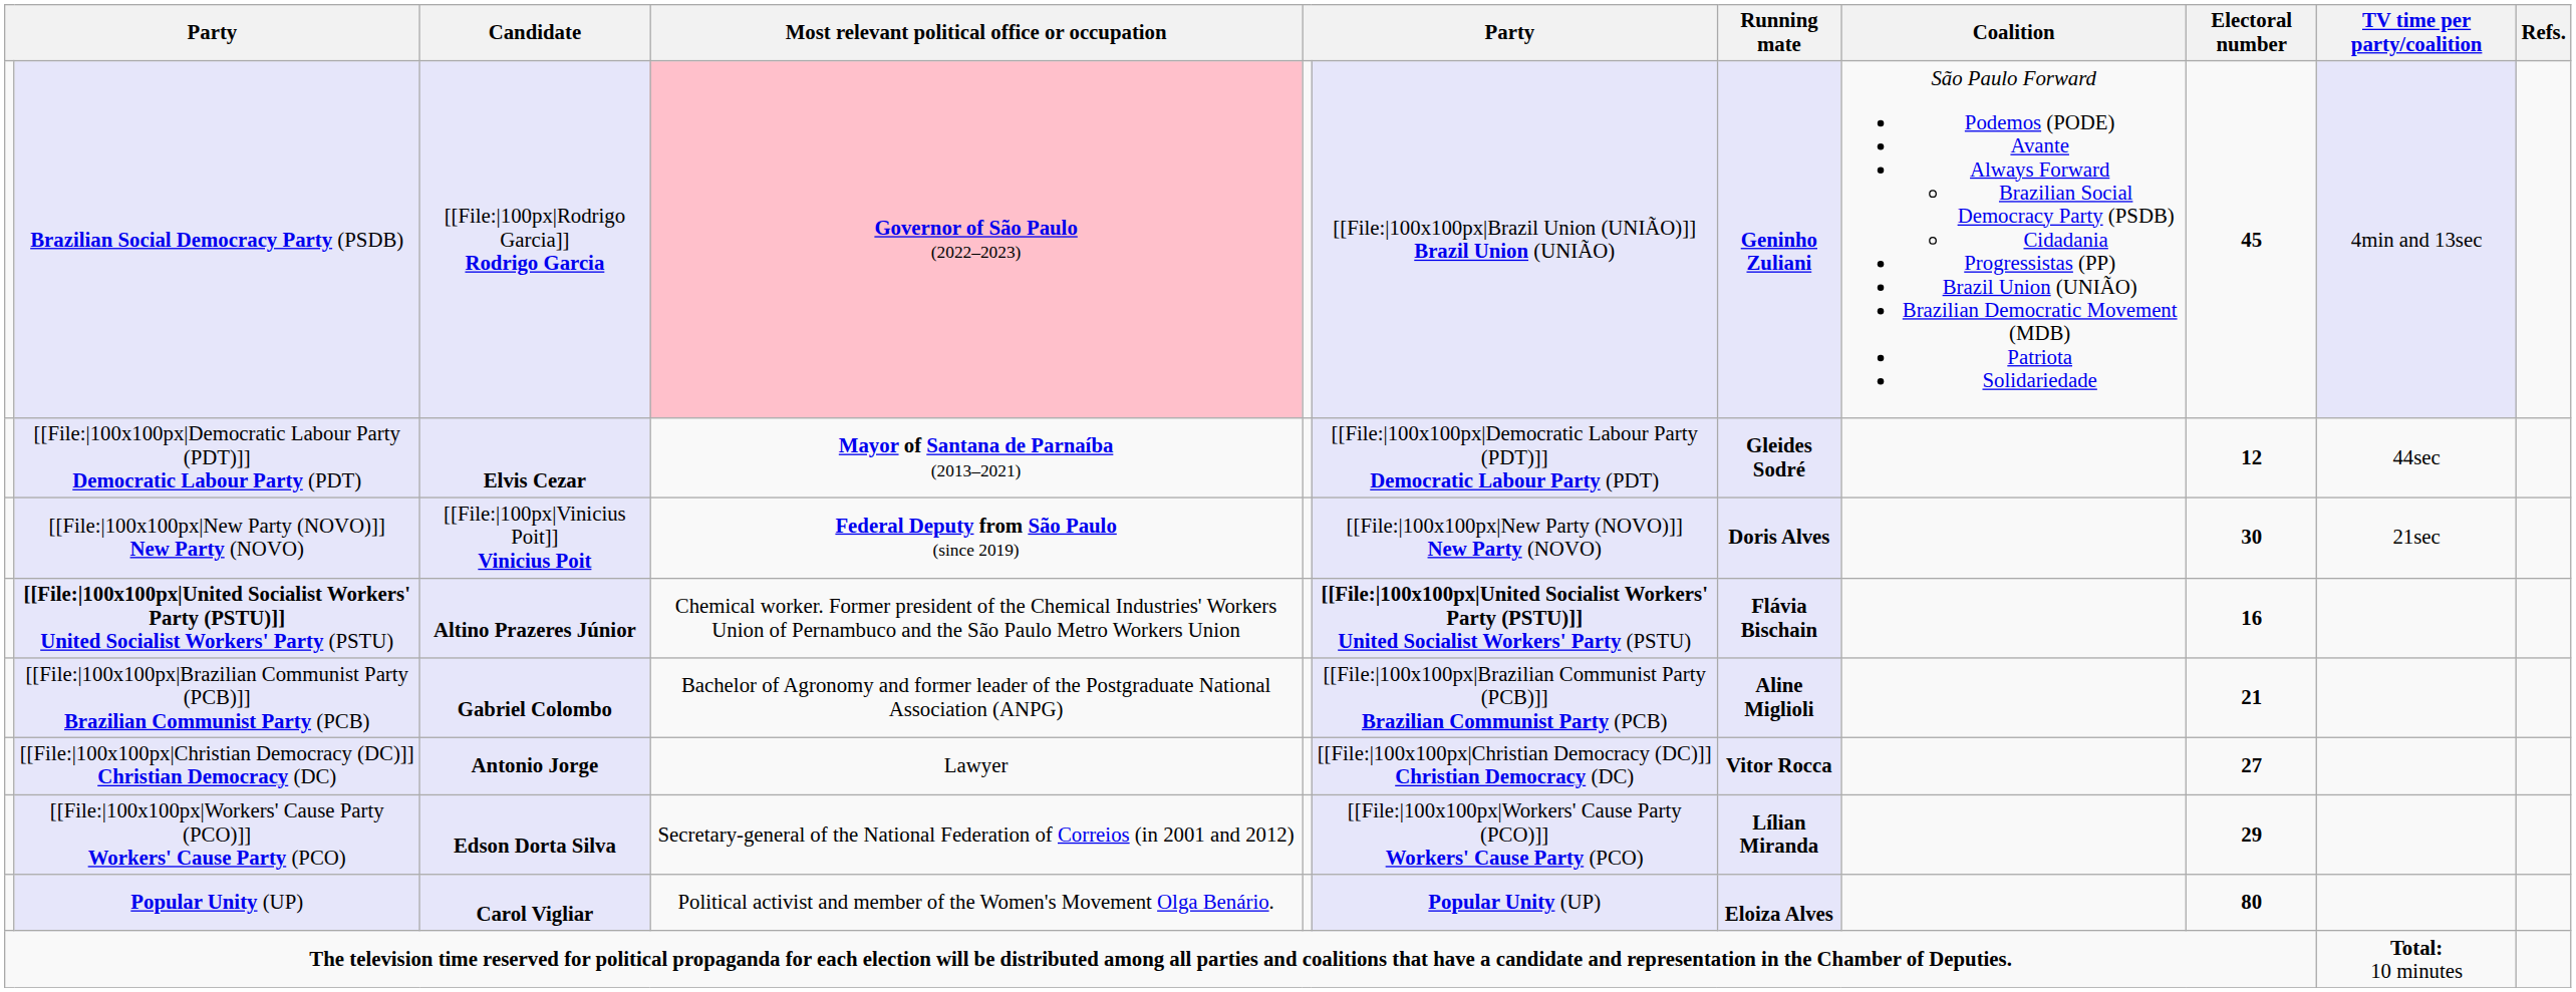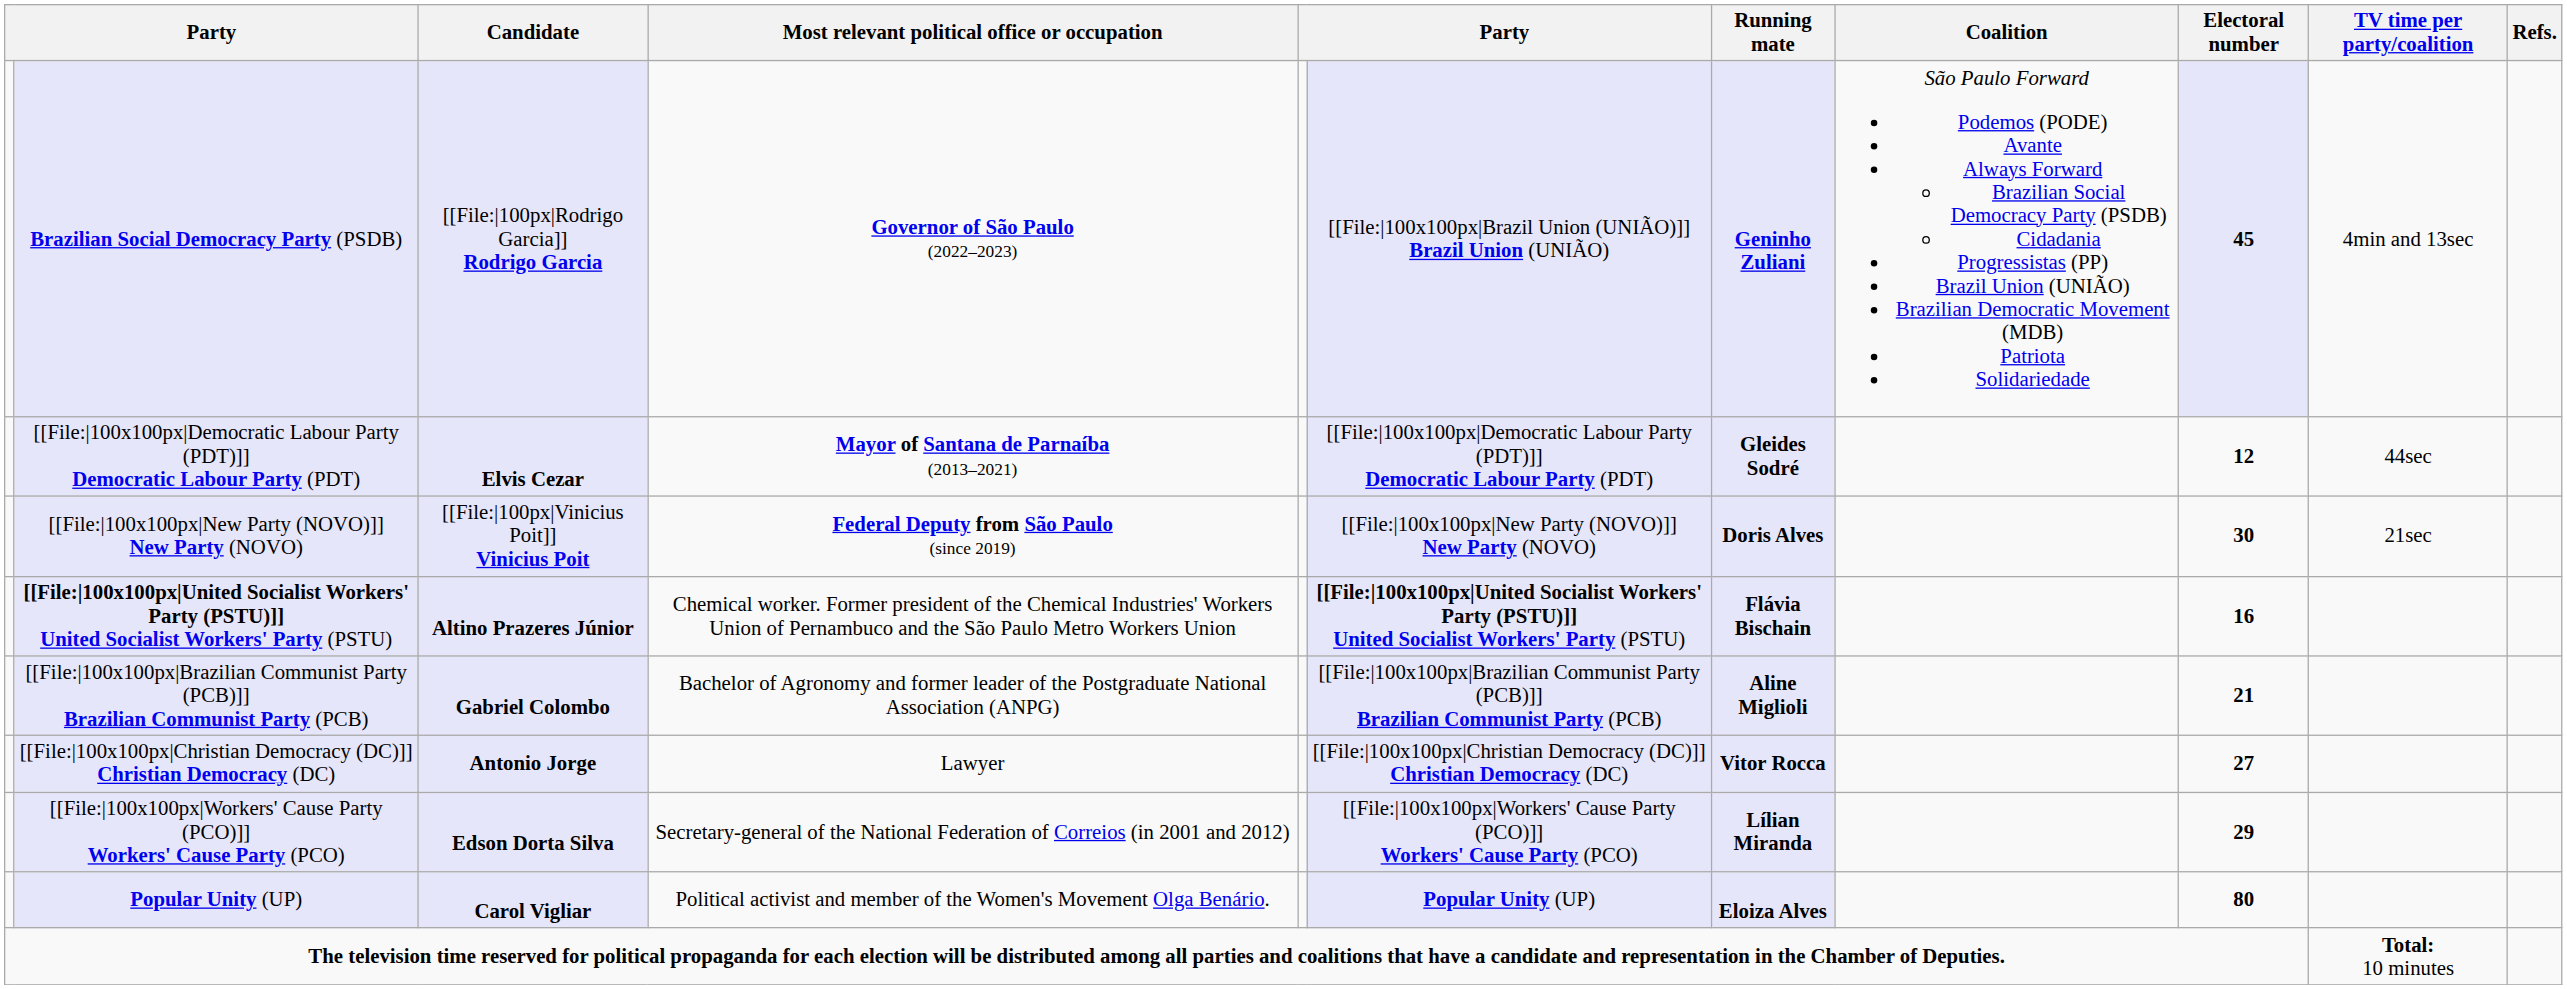 <table class="wikitable" style="text-align:center">
 <tr>
 <th colspan="2">Party</th>
 <th>Candidate</th>
 <th style="max-width:10em">Most relevant political office or occupation</th>
 <th colspan="2">Party</th>
 <th>Running mate</th>
 <th>Coalition</th>
 <th>Electoral number</th>
 <th><a href='#'>TV time per party/coalition</a></th>
 <th>Refs.</th>
 </tr>
 <tr>
 <td style="background:"></td>
 <td style="background:lavender;" max-width:150px><strong><a href='#'>Brazilian Social Democracy Party</a></strong> (PSDB)</td>
 <td style="background:lavender;" max-width:150px>[[File:|100px|Rodrigo Garcia]]<br><strong><a href='#'>Rodrigo Garcia</a></strong></td>
-<td style="background: pink; max-width:10em"><strong><a href='#'>Governor of São Paulo</a></strong><br><small>(2022–2023)</small></td>
+<td style="max-width:10em"><strong><a href='#'>Governor of São Paulo</a></strong><br><small>(2022–2023)</small></td>
 <td style="background:"></td>
 <td style="background:lavender;" max-width:150px>[[File:|100x100px|Brazil Union (UNIÃO)]]<br><strong><a href='#'>Brazil Union</a></strong> (UNIÃO)</td>
 <td style="background:lavender;" max-width:150px><br><strong><a href='#'>Geninho Zuliani</a></strong></td>
 <td><em>São Paulo Forward</em><br><ul><li><a href='#'>Podemos</a> (PODE)</li><li><a href='#'>Avante</a></li><li><a href='#'>Always Forward</a><ul><li><a href='#'>Brazilian Social Democracy Party</a> (PSDB)</li><li><a href='#'>Cidadania</a></li></ul></li><li><a href='#'>Progressistas</a> (PP)</li><li><a href='#'>Brazil Union</a> (UNIÃO)</li><li><a href='#'>Brazilian Democratic Movement</a> (MDB)</li><li><a href='#'>Patriota</a></li><li><a href='#'>Solidariedade</a></li></ul></td>
-<td><strong>45</strong></td>
-<td style="background: lavender;">4min and 13sec</td>
+<td style="background: lavender;"><strong>45</strong></td>
+<td>4min and 13sec</td>
 <td></td>
 </tr>
 <tr>
 <td style="background:"></td>
 <td style="background:lavender;" max-width:150px>[[File:|100x100px|Democratic Labour Party (PDT)]]<br><strong><a href='#'>Democratic Labour Party</a></strong> (PDT)</td>
 <td style="background:lavender;" max-width:150px><br> <br><strong>Elvis Cezar</strong></td>
 <td><strong><a href='#'>Mayor</a> of <a href='#'>Santana de Parnaíba</a></strong><br><small>(2013–2021)</small></td>
 <td style="background:"></td>
 <td style="background:lavender;" max-width:150px>[[File:|100x100px|Democratic Labour Party (PDT)]]<br><strong><a href='#'>Democratic Labour Party</a></strong> (PDT)</td>
 <td style="background:lavender;" max-width:150px><strong>Gleides Sodré</strong></td>
 <td></td>
 <td><strong>12</strong></td>
 <td>44sec</td>
 <td></td>
 </tr>
 <tr>
 <td style="background:"></td>
 <td style="background:lavender;" max-width:150px>[[File:|100x100px|New Party (NOVO)]]<br><strong><a href='#'>New Party</a></strong> (NOVO)</td>
 <td style="background:lavender;" max-width:150px>[[File:|100px|Vinicius Poit]]<br><strong><a href='#'>Vinicius Poit</a></strong></td>
 <td style="max-width:10em"><strong><a href='#'>Federal Deputy</a> from <a href='#'>São Paulo</a></strong><br><small>(since 2019)</small></td>
 <td style="background:"></td>
 <td style="background:lavender;" max-width:150px>[[File:|100x100px|New Party (NOVO)]]<br><strong><a href='#'>New Party</a></strong> (NOVO)</td>
 <td style="background:lavender;" max-width:150px><strong>Doris Alves</strong></td>
 <td></td>
 <td><strong>30</strong></td>
 <td>21sec</td>
 <td></td>
 </tr>
 <tr>
 <td style="background:"></td>
 <td style="background:lavender;" max-width:150px><strong>[[File:|100x100px|United Socialist Workers' Party (PSTU)]]</strong><br><strong><a href='#'>United Socialist Workers' Party</a></strong> (PSTU)</td>
 <td style="background:lavender;" max-width:150px><br><strong>Altino Prazeres Júnior</strong></td>
 <td>Chemical worker. Former president of the Chemical Industries' Workers Union of Pernambuco and the São Paulo Metro Workers Union</td>
 <td style="background:"></td>
 <td style="background:lavender;" max-width:150px><strong>[[File:|100x100px|United Socialist Workers' Party (PSTU)]]</strong><br><strong><a href='#'>United Socialist Workers' Party</a></strong> (PSTU)</td>
 <td style="background:lavender;" max-width:150px><strong>Flávia Bischain</strong></td>
 <td></td>
 <td><strong>16</strong></td>
 <td></td>
 <td></td>
 </tr>
 <tr>
 <td style="background:"></td>
 <td style="background:lavender;" max-width:150px>[[File:|100x100px|Brazilian Communist Party (PCB)]]<br><strong><a href='#'>Brazilian Communist Party</a></strong> (PCB)</td>
 <td style="background:lavender;" max-width:150px><br><strong>Gabriel Colombo</strong></td>
 <td style="max-width:10em">Bachelor of Agronomy and former leader of the Postgraduate National Association (ANPG)</td>
 <td style="background:"></td>
 <td style="background:lavender;" max-width:150px>[[File:|100x100px|Brazilian Communist Party (PCB)]]<br><strong><a href='#'>Brazilian Communist Party</a></strong> (PCB)</td>
 <td style="background:lavender;" max-width:150px><strong>Aline Miglioli</strong></td>
 <td></td>
 <td><strong>21</strong></td>
 <td></td>
 <td></td>
 </tr>
 <tr>
 <td style="background:"></td>
 <td style="background:lavender;" max-width:150px>[[File:|100x100px|Christian Democracy (DC)]]<br><strong><a href='#'>Christian Democracy</a></strong> (DC)</td>
 <td style="background:lavender;" max-width:150px><strong>Antonio Jorge</strong></td>
 <td>Lawyer</td>
 <td style="background:"></td>
 <td style="background:lavender;" max-width:150px>[[File:|100x100px|Christian Democracy (DC)]]<br><strong><a href='#'>Christian Democracy</a></strong> (DC)</td>
 <td style="background:lavender;" max-width:150px><strong>Vitor Rocca</strong></td>
 <td></td>
 <td><strong>27</strong></td>
 <td></td>
 <td></td>
 </tr>
 <tr>
 <td style="background:"></td>
 <td style="background:lavender;" max-width:150px>[[File:|100x100px|Workers' Cause Party (PCO)]]<br><strong><a href='#'>Workers' Cause Party</a></strong> (PCO)</td>
 <td style="background:lavender;" max-width:150px><br><strong>Edson Dorta Silva</strong></td>
 <td>Secretary-general of the National Federation of <a href='#'>Correios</a> (in 2001 and 2012)</td>
 <td style="background:"></td>
 <td style="background:lavender;" max-width:150px>[[File:|100x100px|Workers' Cause Party (PCO)]]<br><strong><a href='#'>Workers' Cause Party</a></strong> (PCO)</td>
 <td style="background:lavender;" max-width:150px><strong>Lílian Miranda</strong></td>
 <td></td>
 <td><strong>29</strong></td>
 <td></td>
 <td></td>
 </tr>
 <tr>
 <td style="background:"></td>
 <td style="background:lavender;" max-width:150px><strong><a href='#'>Popular Unity</a></strong> (UP)</td>
 <td style="background:lavender;" max-width:150px><br><strong>Carol Vigliar</strong></td>
 <td>Political activist and member of the Women's Movement <a href='#'>Olga Benário</a>.</td>
 <td style="background:"></td>
 <td style="background:lavender;" max-width:150px><strong><a href='#'>Popular Unity</a></strong> (UP)</td>
 <td style="background:lavender;" max-width:150px><br><strong>Eloiza Alves</strong></td>
 <td></td>
 <td><strong>80</strong></td>
 <td></td>
 <td></td>
 </tr>
 <tr>
 <td colspan="9"><strong>The television time reserved for political propaganda for each election will be distributed among all parties and coalitions that have a candidate and representation in the Chamber of Deputies.</strong></td>
 <td><strong>Total:</strong><br>10 minutes</td>
 <td></td>
 </tr>
 </table>
